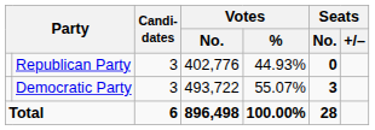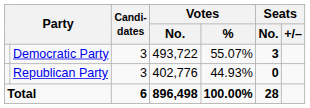 <table class="wikitable" style="font-size:100%; text-align:right;">
 <tr>
 <th colspan=2 rowspan=2>Party</th>
 <th rowspan=2><small>Candi-<br>dates</small></th>
 <th colspan=2>Votes</th>
 <th colspan=2>Seats</th>
 </tr>
 <tr>
 <th>No.</th>
 <th>%</th>
 <th>No.</th>
 <th>+/–</th>
 </tr>
 <tr>
 <td style="background:"></td>
+<td align=left><a href='#'>Democratic Party</a></td>
+<td>3</td>
+<td>493,722</td>
+<td>55.07%</td>
+<td><strong>3</strong></td>
+<td></td>
+</tr>
+<tr>
+<td style="background:"></td>
 <td align=left><a href='#'>Republican Party</a></td>
 <td>3</td>
 <td>402,776</td>
 <td>44.93%</td>
 <td><strong>0</strong></td>
-<td></td>
-</tr>
-<tr>
-<td style="background:"></td>
-<td align=left><a href='#'>Democratic Party</a></td>
-<td>3</td>
-<td>493,722</td>
-<td>55.07%</td>
-<td><strong>3</strong></td>
 <td></td>
 </tr>
 <tr style="font-weight:bold">
 <td colspan=2 align=left>Total</td>
 <td>6</td>
 <td>896,498</td>
 <td>100.00%</td>
 <td>28</td>
 <td></td>
 </tr>
 </table>
